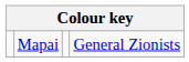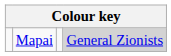 <table class="wikitable" align="right">
 <tr>
 <th colspan=4>Colour key</th>
 </tr>
 <tr>
 <td style="background-color:"></td>
 <td><a href='#'>Mapai</a></td>
 <td style="background-color:"></td>
-<td><a href='#'>General Zionists</a></td>
+<td style="background: lightgrey;"><a href='#'>General Zionists</a></td>
 </tr>
 </table>
